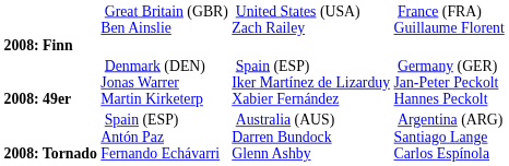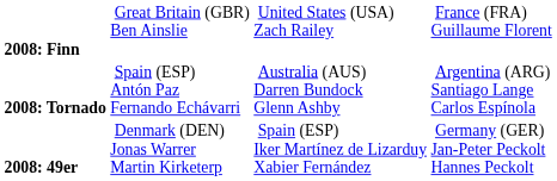 <table>
 <tr>
 <td style="align:center;"><br><br><strong>2008: Finn</strong> <br></td>
 <td style="vertical-align:top;"> <a href='#'>Great Britain</a> <span>(GBR)</span><br><a href='#'>Ben Ainslie</a></td>
 <td style="vertical-align:top;"> <a href='#'>United States</a> <span>(USA)</span><br><a href='#'>Zach Railey</a></td>
 <td style="vertical-align:top;"> <a href='#'>France</a> <span>(FRA)</span><br><a href='#'>Guillaume Florent</a></td>
 </tr>
 <tr>
+<td style="align:center;"><br><br><strong>2008: Tornado</strong> <br></td>
+<td style="vertical-align:top;"> <a href='#'>Spain</a> <span>(ESP)</span><br><a href='#'>Antón Paz</a><br><a href='#'>Fernando Echávarri</a></td>
+<td style="vertical-align:top;"> <a href='#'>Australia</a> <span>(AUS)</span><br><a href='#'>Darren Bundock</a><br><a href='#'>Glenn Ashby</a></td>
+<td style="vertical-align:top;"> <a href='#'>Argentina</a> <span>(ARG)</span><br><a href='#'>Santiago Lange</a><br><a href='#'>Carlos Espínola</a></td>
+</tr>
+<tr>
 <td style="align:center;"><br><br><strong>2008: 49er</strong> <br></td>
 <td style="vertical-align:top;"> <a href='#'>Denmark</a> <span>(DEN)</span><br><a href='#'>Jonas Warrer</a><br><a href='#'>Martin Kirketerp</a></td>
 <td style="vertical-align:top;"> <a href='#'>Spain</a> <span>(ESP)</span><br><a href='#'>Iker Martínez de Lizarduy</a><br><a href='#'>Xabier Fernández</a></td>
 <td style="vertical-align:top;"> <a href='#'>Germany</a> <span>(GER)</span><br><a href='#'>Jan-Peter Peckolt</a><br><a href='#'>Hannes Peckolt</a></td>
 </tr>
-<tr>
-<td style="align:center;"><br><br><strong>2008: Tornado</strong> <br></td>
-<td style="vertical-align:top;"> <a href='#'>Spain</a> <span>(ESP)</span><br><a href='#'>Antón Paz</a><br><a href='#'>Fernando Echávarri</a></td>
-<td style="vertical-align:top;"> <a href='#'>Australia</a> <span>(AUS)</span><br><a href='#'>Darren Bundock</a><br><a href='#'>Glenn Ashby</a></td>
-<td style="vertical-align:top;"> <a href='#'>Argentina</a> <span>(ARG)</span><br><a href='#'>Santiago Lange</a><br><a href='#'>Carlos Espínola</a></td>
-</tr>
 </table>
